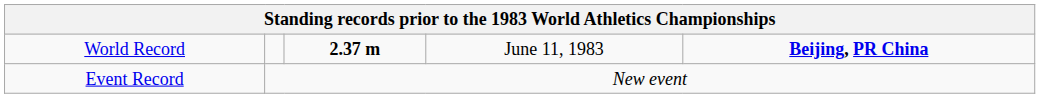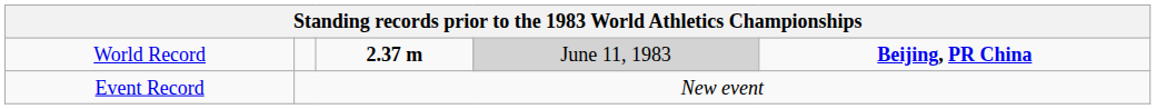 <table class="wikitable" style=" text-align:center; font-size:110%;" width="80%">
 <tr>
 <th colspan="5">Standing records prior to the 1983 World Athletics Championships</th>
 </tr>
 <tr>
 <td><a href='#'>World Record</a></td>
 <td></td>
 <td><strong>2.37 m</strong></td>
-<td>June 11, 1983</td>
+<td style="background: lightgrey;">June 11, 1983</td>
 <td><strong> <a href='#'>Beijing</a>, <a href='#'>PR China</a></strong></td>
 </tr>
 <tr>
 <td><a href='#'>Event Record</a></td>
 <td colspan="4"><em>New event</em></td>
 </tr>
 </table>
